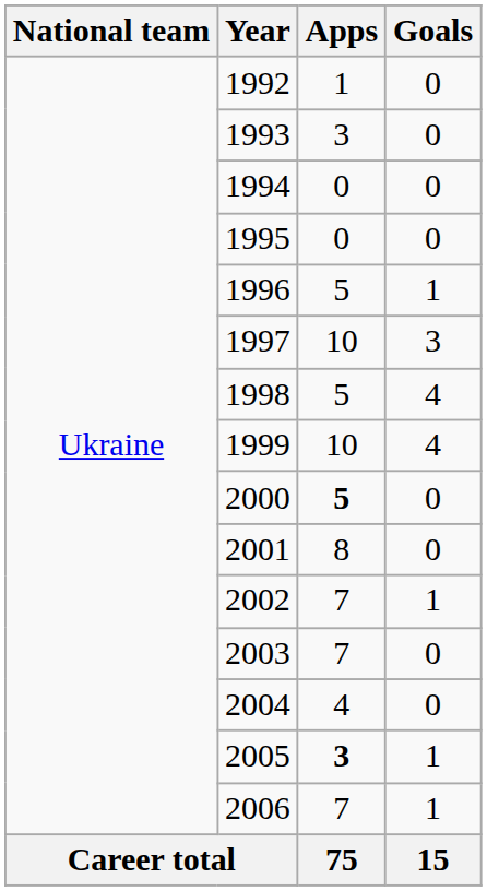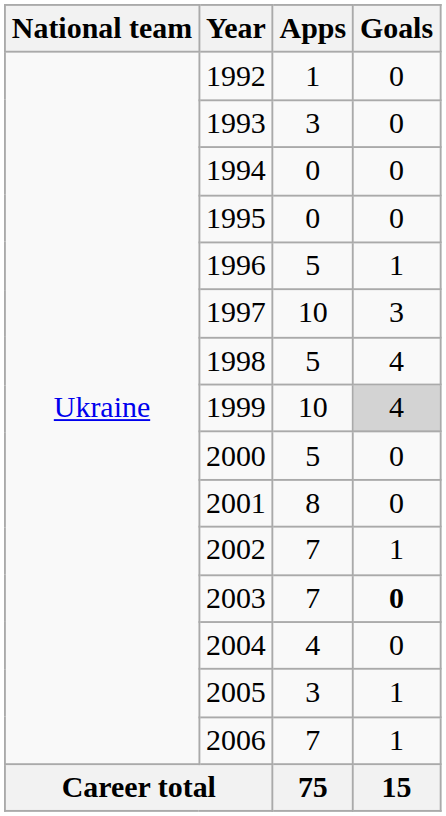 <table class="wikitable" style="text-align:center">
 <tr>
 <th>National team</th>
 <th>Year</th>
 <th>Apps</th>
 <th>Goals</th>
 </tr>
 <tr>
 <td rowspan="15"><a href='#'>Ukraine</a></td>
 <td>1992</td>
 <td>1</td>
 <td>0</td>
 </tr>
 <tr>
 <td>1993</td>
 <td>3</td>
 <td>0</td>
 </tr>
 <tr>
 <td>1994</td>
 <td>0</td>
 <td>0</td>
 </tr>
 <tr>
 <td>1995</td>
 <td>0</td>
 <td>0</td>
 </tr>
 <tr>
 <td>1996</td>
 <td>5</td>
 <td>1</td>
 </tr>
 <tr>
 <td>1997</td>
 <td>10</td>
 <td>3</td>
 </tr>
 <tr>
 <td>1998</td>
 <td>5</td>
 <td>4</td>
 </tr>
 <tr>
 <td>1999</td>
 <td>10</td>
-<td>4</td>
+<td style="background: lightgrey;">4</td>
 </tr>
 <tr>
 <td>2000</td>
-<td><strong>5</strong></td>
+<td>5</td>
 <td>0</td>
 </tr>
 <tr>
 <td>2001</td>
 <td>8</td>
 <td>0</td>
 </tr>
 <tr>
 <td>2002</td>
 <td>7</td>
 <td>1</td>
 </tr>
 <tr>
 <td>2003</td>
 <td>7</td>
-<td>0</td>
+<td><strong>0</strong></td>
 </tr>
 <tr>
 <td>2004</td>
 <td>4</td>
 <td>0</td>
 </tr>
 <tr>
 <td>2005</td>
-<td><strong>3</strong></td>
+<td>3</td>
 <td>1</td>
 </tr>
 <tr>
 <td>2006</td>
 <td>7</td>
 <td>1</td>
 </tr>
 <tr>
 <th colspan="2">Career total</th>
 <th>75</th>
 <th>15</th>
 </tr>
 </table>
